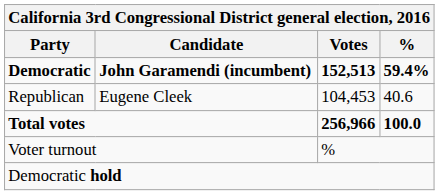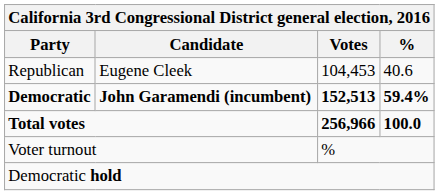 <table class="wikitable">
 <tr>
 <th colspan="4">California 3rd Congressional District general election, 2016</th>
 </tr>
 <tr>
 <th>Party</th>
 <th>Candidate</th>
 <th>Votes</th>
 <th>%</th>
 </tr>
 <tr>
+<td>Republican</td>
+<td>Eugene Cleek</td>
+<td>104,453</td>
+<td>40.6</td>
+</tr>
+<tr>
 <td><strong>Democratic</strong></td>
 <td><strong>John Garamendi (incumbent)</strong></td>
 <td><strong>152,513</strong></td>
 <td><strong>59.4%</strong></td>
-</tr>
-<tr>
-<td>Republican</td>
-<td>Eugene Cleek</td>
-<td>104,453</td>
-<td>40.6</td>
 </tr>
 <tr>
 <td colspan="2"><strong>Total votes</strong></td>
 <td><strong>256,966</strong></td>
 <td><strong>100.0</strong></td>
 </tr>
 <tr>
 <td colspan="2">Voter turnout</td>
 <td colspan="2">%</td>
 </tr>
 <tr>
 <td colspan="4">Democratic <strong>hold</strong></td>
 </tr>
 </table>
